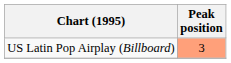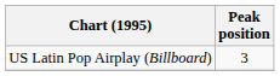 <table class="wikitable">
 <tr>
 <th>Chart (1995)</th>
 <th>Peak<br>position</th>
 </tr>
 <tr>
 <td>US Latin Pop Airplay (<em>Billboard</em>)</td>
-<td align="center" style="background: lightsalmon;">3</td>
+<td align="center">3</td>
 </tr>
 <tr>
 </tr>
 </table>
